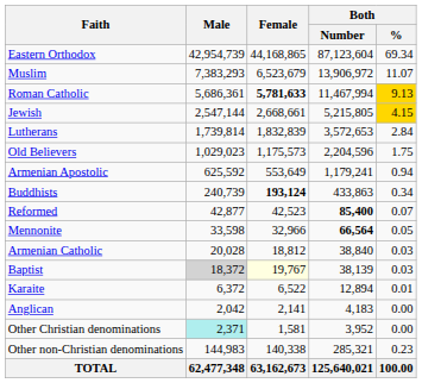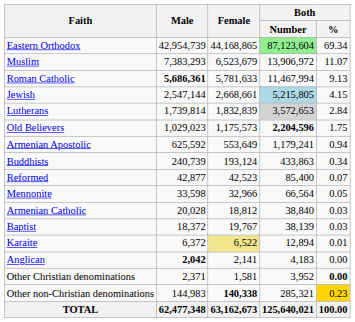 <table class="wikitable sortable">
 <tr>
 <th rowspan="2">Faith</th>
 <th rowspan="2">Male</th>
 <th rowspan="2">Female</th>
 <th colspan="2">Both</th>
 </tr>
 <tr>
 <th>Number</th>
 <th>%</th>
 </tr>
 <tr>
 <td><a href='#'>Eastern Orthodox</a></td>
 <td align="right">42,954,739</td>
 <td align="right">44,168,865</td>
-<td align="right">87,123,604</td>
+<td align="right" style="background: lightgreen;">87,123,604</td>
 <td align="right">69.34</td>
 </tr>
 <tr>
 <td><a href='#'>Muslim</a></td>
 <td align="right">7,383,293</td>
 <td align="right">6,523,679</td>
 <td align="right">13,906,972</td>
 <td align="right">11.07</td>
 </tr>
 <tr>
 <td><a href='#'>Roman Catholic</a></td>
-<td align="right">5,686,361</td>
-<td align="right"><strong>5,781,633</strong></td>
+<td align="right"><strong>5,686,361</strong></td>
+<td align="right">5,781,633</td>
 <td align="right">11,467,994</td>
-<td align="right" style="background: gold;">9.13</td>
+<td align="right">9.13</td>
 </tr>
 <tr>
 <td><a href='#'>Jewish</a></td>
 <td align="right">2,547,144</td>
 <td align="right">2,668,661</td>
-<td align="right">5,215,805</td>
-<td align="right" style="background: gold;">4.15</td>
+<td align="right" style="background: lightblue;">5,215,805</td>
+<td align="right">4.15</td>
 </tr>
 <tr>
 <td><a href='#'>Lutherans</a></td>
 <td align="right">1,739,814</td>
 <td align="right">1,832,839</td>
-<td align="right">3,572,653</td>
+<td align="right" style="background: lightgrey;">3,572,653</td>
 <td align="right">2.84</td>
 </tr>
 <tr>
 <td><a href='#'>Old Believers</a></td>
 <td align="right">1,029,023</td>
 <td align="right">1,175,573</td>
-<td align="right">2,204,596</td>
+<td align="right"><strong>2,204,596</strong></td>
 <td align="right">1.75</td>
 </tr>
 <tr>
 <td><a href='#'>Armenian Apostolic</a></td>
 <td align="right">625,592</td>
 <td align="right">553,649</td>
 <td align="right">1,179,241</td>
 <td align="right">0.94</td>
 </tr>
 <tr>
 <td><a href='#'>Buddhists</a></td>
 <td align="right">240,739</td>
-<td align="right"><strong>193,124</strong></td>
+<td align="right">193,124</td>
 <td align="right">433,863</td>
 <td align="right">0.34</td>
 </tr>
 <tr>
 <td><a href='#'>Reformed</a></td>
 <td align="right">42,877</td>
 <td align="right">42,523</td>
-<td align="right"><strong>85,400</strong></td>
+<td align="right">85,400</td>
 <td align="right">0.07</td>
 </tr>
 <tr>
 <td><a href='#'>Mennonite</a></td>
 <td align="right">33,598</td>
 <td align="right">32,966</td>
-<td align="right"><strong>66,564</strong></td>
+<td align="right">66,564</td>
 <td align="right">0.05</td>
 </tr>
 <tr>
 <td><a href='#'>Armenian Catholic</a></td>
 <td align="right">20,028</td>
 <td align="right">18,812</td>
 <td align="right">38,840</td>
 <td align="right">0.03</td>
 </tr>
 <tr>
 <td><a href='#'>Baptist</a></td>
-<td align="right" style="background: lightgrey;">18,372</td>
-<td align="right" style="background: lightyellow;">19,767</td>
+<td align="right">18,372</td>
+<td align="right">19,767</td>
 <td align="right">38,139</td>
 <td align="right">0.03</td>
 </tr>
 <tr>
 <td><a href='#'>Karaite</a></td>
 <td align="right">6,372</td>
-<td align="right">6,522</td>
+<td align="right" style="background: khaki;">6,522</td>
 <td align="right">12,894</td>
 <td align="right">0.01</td>
 </tr>
 <tr>
 <td><a href='#'>Anglican</a></td>
-<td align="right">2,042</td>
+<td align="right"><strong>2,042</strong></td>
 <td align="right">2,141</td>
 <td align="right">4,183</td>
 <td align="right">0.00</td>
 </tr>
 <tr>
 <td>Other Christian denominations</td>
-<td align="right" style="background: paleturquoise;">2,371</td>
+<td align="right">2,371</td>
 <td align="right">1,581</td>
 <td align="right">3,952</td>
-<td align="right">0.00</td>
+<td align="right"><strong>0.00</strong></td>
 </tr>
 <tr>
 <td>Other non-Christian denominations</td>
 <td align="right">144,983</td>
-<td align="right">140,338</td>
+<td align="right"><strong>140,338</strong></td>
 <td align="right">285,321</td>
-<td align="right">0.23</td>
+<td align="right" style="background: gold;">0.23</td>
 </tr>
 <tr>
 <th>TOTAL</th>
 <th>62,477,348</th>
 <th>63,162,673</th>
 <th>125,640,021</th>
 <th>100.00</th>
 </tr>
 </table>
